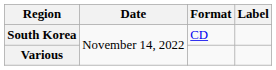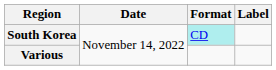 <table class="wikitable plainrowheaders">
 <tr>
 <th scope="col">Region</th>
 <th scope="col">Date</th>
 <th scope="col">Format</th>
 <th scope="col">Label</th>
 </tr>
 <tr>
 <th scope="row">South Korea</th>
 <td rowspan="2">November 14, 2022</td>
-<td><a href='#'>CD</a></td>
+<td style="background: paleturquoise;"><a href='#'>CD</a></td>
 <td></td>
 </tr>
 <tr>
 <th scope="row">Various</th>
 <td></td>
 <td></td>
 </tr>
 </table>
